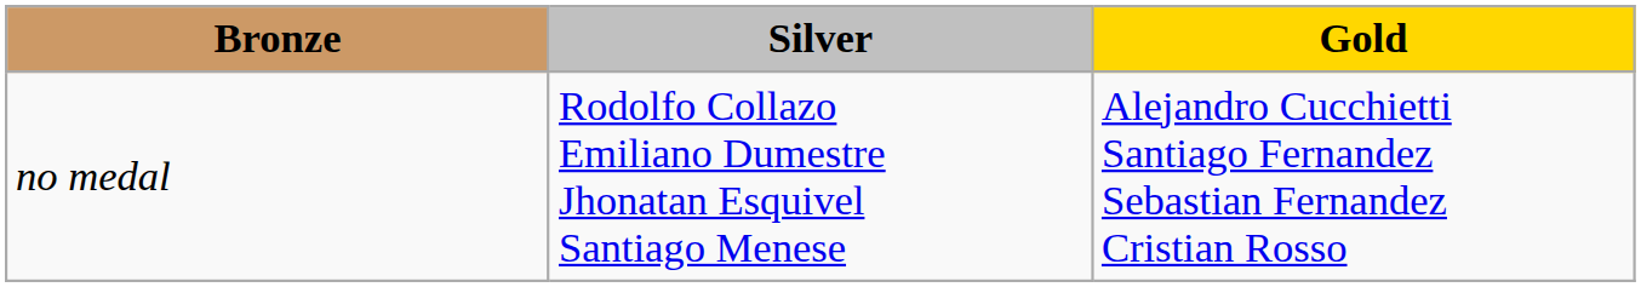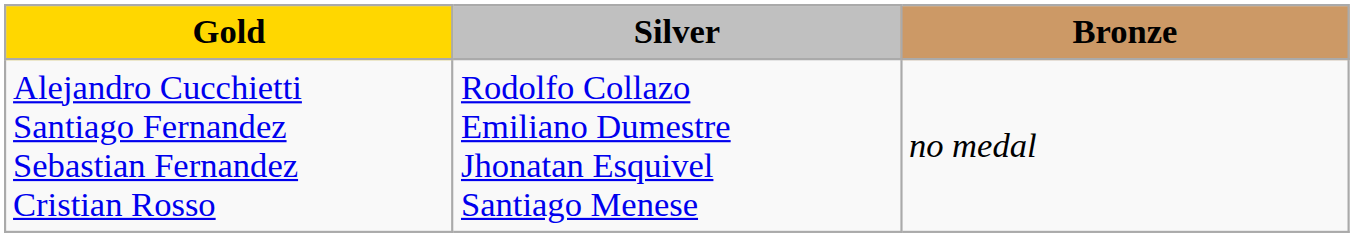 <table class="wikitable" style="text-align:left">
 <tr align="center">
+<td width=200 bgcolor=gold><strong>Gold</strong></td>
+<td width=200 bgcolor=silver><strong>Silver</strong></td>
 <td width=200 bgcolor=CC9966><strong>Bronze</strong></td>
-<td width=200 bgcolor=silver><strong>Silver</strong></td>
-<td width=200 bgcolor=gold><strong>Gold</strong></td>
 </tr>
 <tr>
+<td><a href='#'>Alejandro Cucchietti</a><br><a href='#'>Santiago Fernandez</a><br><a href='#'>Sebastian Fernandez</a><br><a href='#'>Cristian Rosso</a><br><em></em></td>
+<td><a href='#'>Rodolfo Collazo</a><br><a href='#'>Emiliano Dumestre</a><br><a href='#'>Jhonatan Esquivel</a><br><a href='#'>Santiago Menese</a><br><em></em></td>
 <td><em>no medal</em></td>
-<td><a href='#'>Rodolfo Collazo</a><br><a href='#'>Emiliano Dumestre</a><br><a href='#'>Jhonatan Esquivel</a><br><a href='#'>Santiago Menese</a><br><em></em></td>
-<td><a href='#'>Alejandro Cucchietti</a><br><a href='#'>Santiago Fernandez</a><br><a href='#'>Sebastian Fernandez</a><br><a href='#'>Cristian Rosso</a><br><em></em></td>
 </tr>
 </table>
